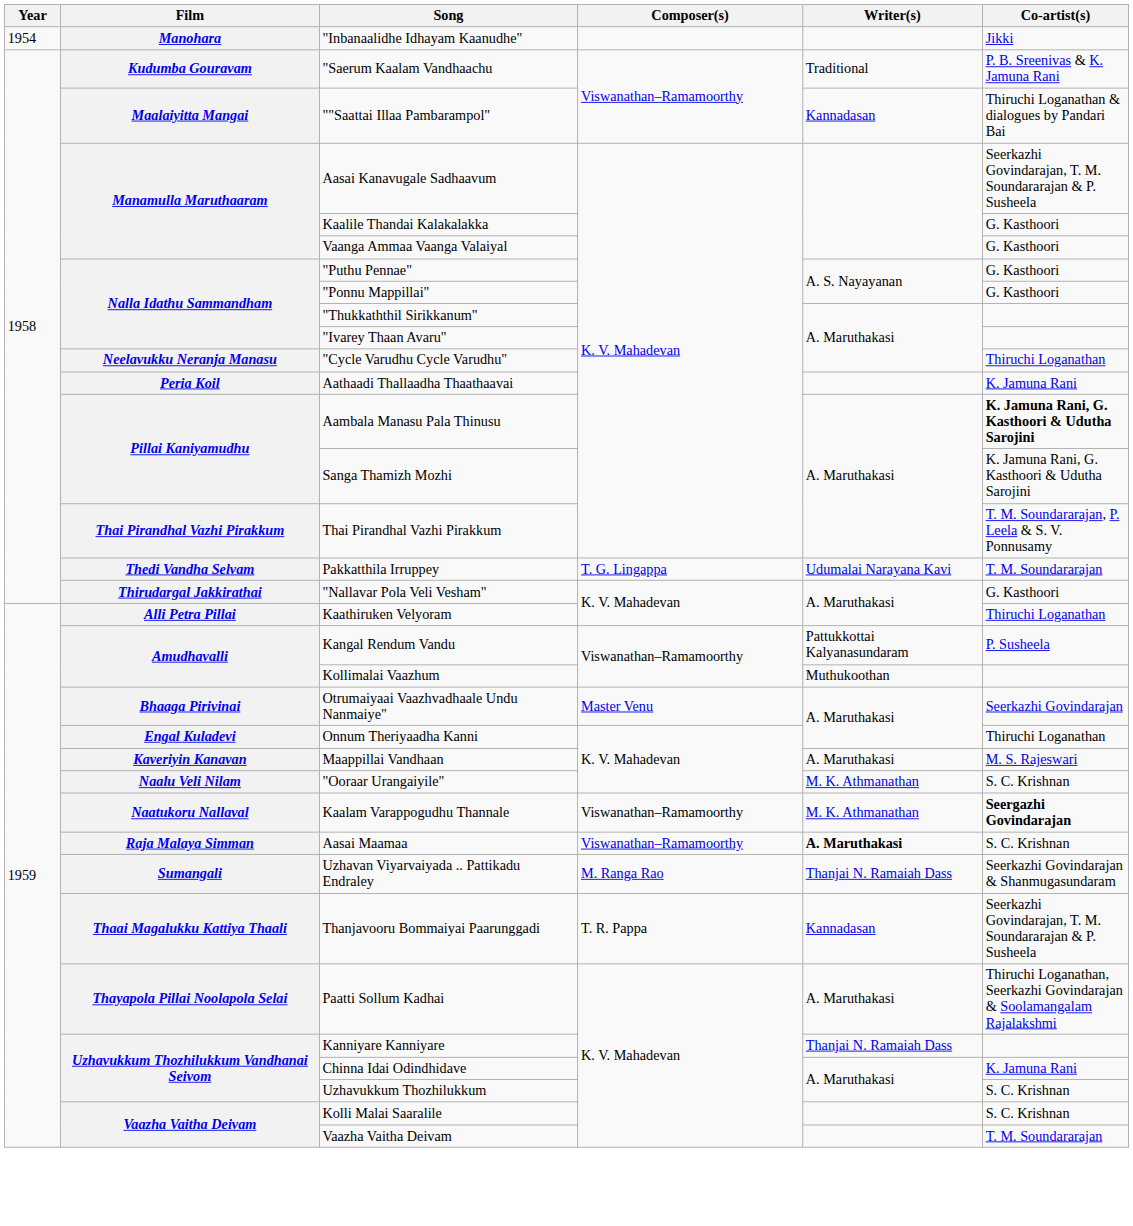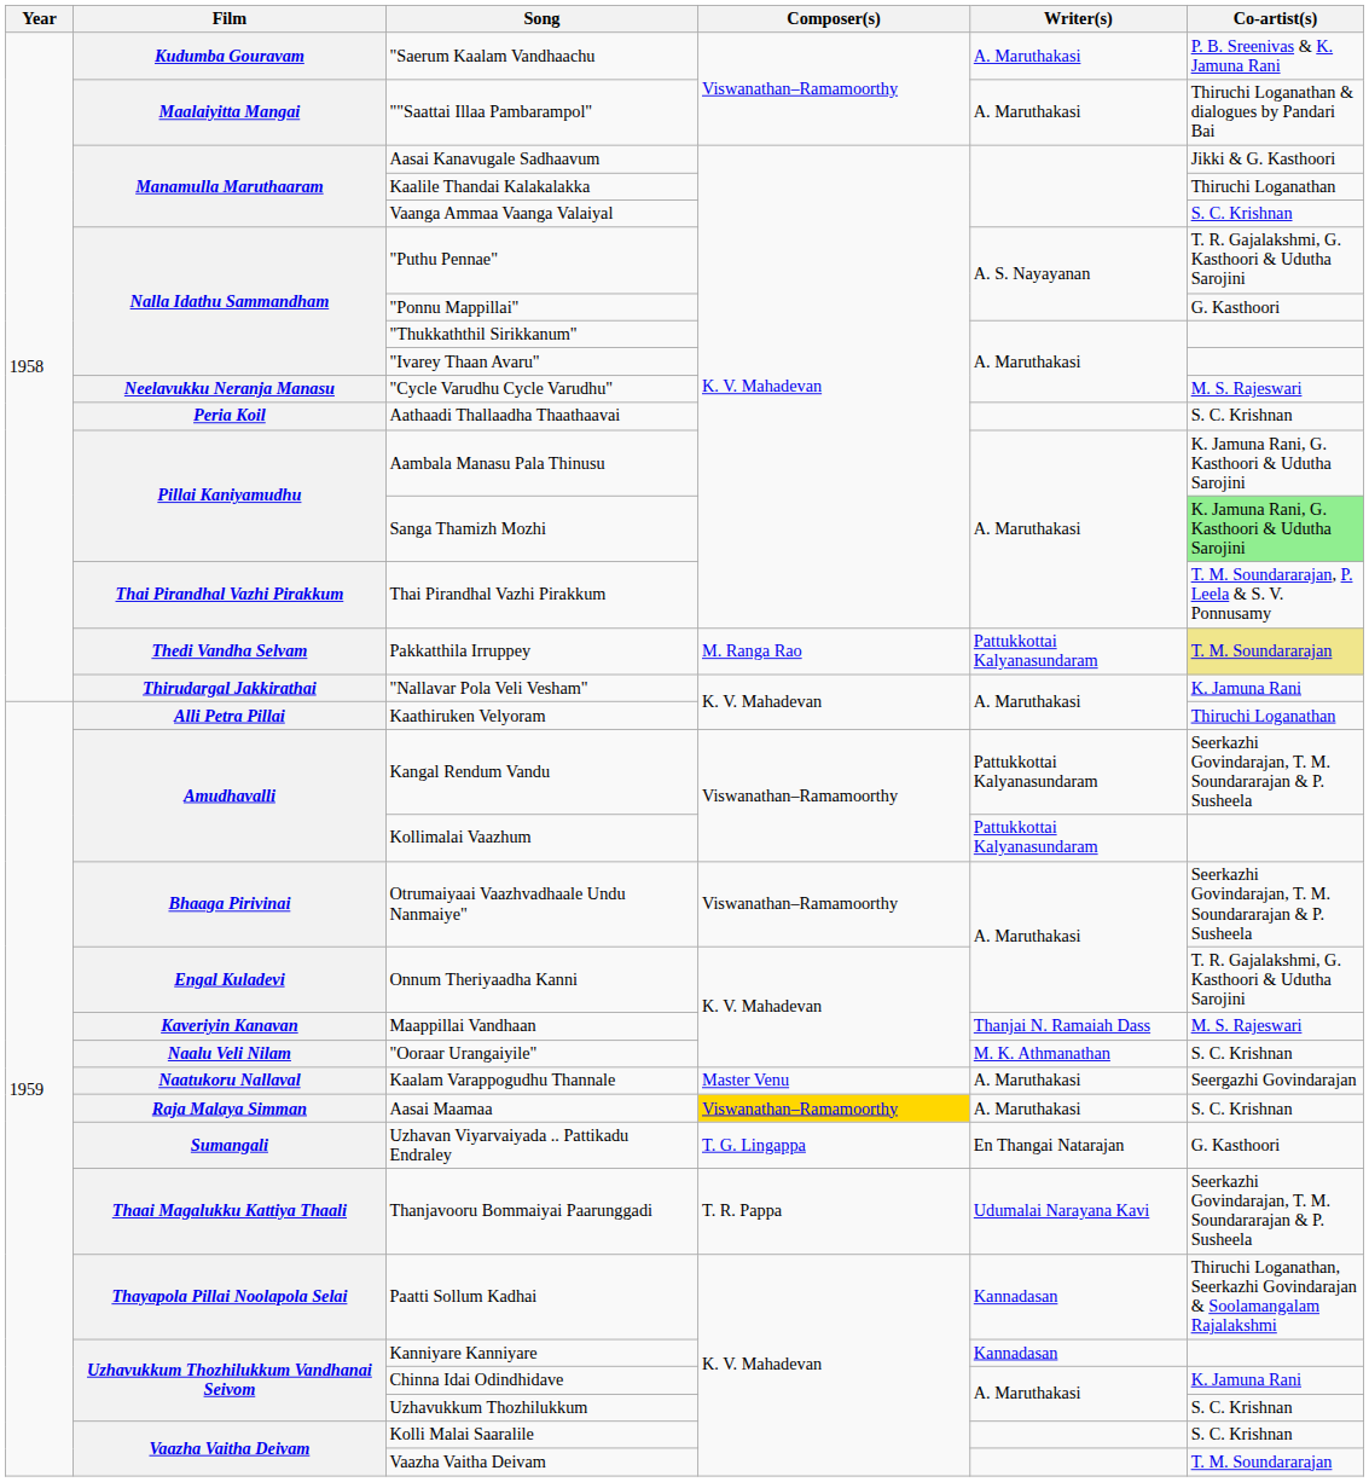 <table class="wikitable plainrowheaders" width="100%" textcolor:#000;">
 <tr style="background:#b0e0e66;">
 <th scope="col" width=5%><strong>Year</strong></th>
 <th scope="col" width=23%><strong>Film</strong></th>
 <th scope="col" width=23%><strong>Song</strong></th>
 <th scope="col" width=20%><strong>Composer(s)</strong></th>
 <th scope="col" width=16%><strong>Writer(s)</strong></th>
 <th scope="col" width=18%><strong>Co-artist(s)</strong></th>
 </tr>
 <tr>
-<td>1954</td>
-<th><em><a href='#'>Manohara</a></em></th>
-<td>"Inbanaalidhe Idhayam Kaanudhe"</td>
-<td></td>
-<td></td>
-<td><a href='#'>Jikki</a></td>
-</tr>
-<tr>
 <td rowspan="16">1958</td>
 <th><em><a href='#'>Kudumba Gouravam</a></em></th>
 <td>"Saerum Kaalam Vandhaachu</td>
 <td rowspan="2"><a href='#'>Viswanathan–Ramamoorthy</a></td>
-<td>Traditional</td>
+<td><a href='#'>A. Maruthakasi</a></td>
 <td><a href='#'>P. B. Sreenivas</a> & <a href='#'>K. Jamuna Rani</a></td>
 </tr>
 <tr>
 <th><em><a href='#'>Maalaiyitta Mangai</a></em></th>
 <td>""Saattai Illaa Pambarampol"</td>
-<td><a href='#'>Kannadasan</a></td>
+<td>A. Maruthakasi</td>
 <td>Thiruchi Loganathan & dialogues by Pandari Bai</td>
 </tr>
 <tr>
 <th rowspan="3"><em><a href='#'>Manamulla Maruthaaram</a></em></th>
 <td>Aasai Kanavugale Sadhaavum</td>
 <td rowspan="12"><a href='#'>K. V. Mahadevan</a></td>
 <td rowspan="3"></td>
-<td>Seerkazhi Govindarajan, T. M. Soundararajan & P. Susheela</td>
+<td>Jikki & G. Kasthoori</td>
 </tr>
 <tr>
 <td>Kaalile Thandai Kalakalakka</td>
-<td>G. Kasthoori</td>
+<td>Thiruchi Loganathan</td>
 </tr>
 <tr>
 <td>Vaanga Ammaa Vaanga Valaiyal</td>
-<td>G. Kasthoori</td>
+<td><a href='#'>S. C. Krishnan</a></td>
 </tr>
 <tr>
 <th rowspan="4"><em><a href='#'>Nalla Idathu Sammandham</a></em></th>
 <td>"Puthu Pennae"</td>
 <td rowspan="2">A. S. Nayayanan</td>
-<td>G. Kasthoori</td>
+<td>T. R. Gajalakshmi, G. Kasthoori & Udutha Sarojini</td>
 </tr>
 <tr>
 <td>"Ponnu Mappillai"</td>
 <td>G. Kasthoori</td>
 </tr>
 <tr>
 <td>"Thukkaththil Sirikkanum"</td>
 <td rowspan="3">A. Maruthakasi</td>
 <td></td>
 </tr>
 <tr>
 <td>"Ivarey Thaan Avaru"</td>
 <td></td>
 </tr>
 <tr>
 <th><em><a href='#'>Neelavukku Neranja Manasu</a></em></th>
 <td>"Cycle Varudhu Cycle Varudhu"</td>
-<td><a href='#'>Thiruchi Loganathan</a></td>
+<td><a href='#'>M. S. Rajeswari</a></td>
 </tr>
 <tr>
 <th><em><a href='#'>Peria Koil</a></em></th>
 <td>Aathaadi Thallaadha Thaathaavai</td>
 <td></td>
-<td><a href='#'>K. Jamuna Rani</a></td>
+<td>S. C. Krishnan</td>
 </tr>
 <tr>
 <th rowspan="2"><em><a href='#'>Pillai Kaniyamudhu</a></em></th>
 <td>Aambala Manasu Pala Thinusu</td>
 <td rowspan="3">A. Maruthakasi</td>
-<td><strong>K. Jamuna Rani, G. Kasthoori & Udutha Sarojini</strong></td>
+<td>K. Jamuna Rani, G. Kasthoori & Udutha Sarojini</td>
 </tr>
 <tr>
 <td>Sanga Thamizh Mozhi</td>
-<td>K. Jamuna Rani, G. Kasthoori & Udutha Sarojini</td>
+<td style="background: lightgreen;">K. Jamuna Rani, G. Kasthoori & Udutha Sarojini</td>
 </tr>
 <tr>
 <th><em><a href='#'>Thai Pirandhal Vazhi Pirakkum</a></em></th>
 <td>Thai Pirandhal Vazhi Pirakkum</td>
 <td><a href='#'>T. M. Soundararajan</a>, <a href='#'>P. Leela</a> & S. V. Ponnusamy</td>
 </tr>
 <tr>
 <th><em><a href='#'>Thedi Vandha Selvam</a></em></th>
 <td>Pakkatthila Irruppey</td>
-<td><a href='#'>T. G. Lingappa</a></td>
-<td><a href='#'>Udumalai Narayana Kavi</a></td>
-<td><a href='#'>T. M. Soundararajan</a></td>
+<td><a href='#'>M. Ranga Rao</a></td>
+<td><a href='#'>Pattukkottai Kalyanasundaram</a></td>
+<td style="background: khaki;"><a href='#'>T. M. Soundararajan</a></td>
 </tr>
 <tr>
 <th><em><a href='#'>Thirudargal Jakkirathai</a></em></th>
 <td>"Nallavar Pola Veli Vesham"</td>
 <td rowspan=2>K. V. Mahadevan</td>
 <td rowspan=2>A. Maruthakasi</td>
-<td>G. Kasthoori</td>
+<td><a href='#'>K. Jamuna Rani</a></td>
 </tr>
 <tr>
 <td rowspan="17">1959</td>
 <th><em><a href='#'>Alli Petra Pillai</a></em></th>
 <td>Kaathiruken Velyoram</td>
 <td><a href='#'>Thiruchi Loganathan</a></td>
 </tr>
 <tr>
 <th rowspan="2"><em><a href='#'>Amudhavalli</a></em></th>
 <td>Kangal Rendum Vandu</td>
 <td rowspan="2">Viswanathan–Ramamoorthy</td>
 <td>Pattukkottai Kalyanasundaram</td>
-<td><a href='#'>P. Susheela</a></td>
+<td>Seerkazhi Govindarajan, T. M. Soundararajan & P. Susheela</td>
 </tr>
 <tr>
 <td>Kollimalai Vaazhum</td>
-<td>Muthukoothan</td>
+<td><a href='#'>Pattukkottai Kalyanasundaram</a></td>
 <td></td>
 </tr>
 <tr>
 <th><em><a href='#'>Bhaaga Pirivinai</a></em></th>
 <td>Otrumaiyaai Vaazhvadhaale Undu Nanmaiye"</td>
-<td><a href='#'>Master Venu</a></td>
+<td>Viswanathan–Ramamoorthy</td>
 <td rowspan=2>A. Maruthakasi</td>
-<td><a href='#'>Seerkazhi Govindarajan</a></td>
+<td>Seerkazhi Govindarajan, T. M. Soundararajan & P. Susheela</td>
 </tr>
 <tr>
 <th><em><a href='#'>Engal Kuladevi</a></em></th>
 <td>Onnum Theriyaadha Kanni</td>
 <td rowspan=3>K. V. Mahadevan</td>
-<td>Thiruchi Loganathan</td>
+<td>T. R. Gajalakshmi, G. Kasthoori & Udutha Sarojini</td>
 </tr>
 <tr>
 <th><em><a href='#'>Kaveriyin Kanavan</a></em></th>
 <td>Maappillai Vandhaan</td>
-<td>A. Maruthakasi</td>
+<td><a href='#'>Thanjai N. Ramaiah Dass</a></td>
 <td><a href='#'>M. S. Rajeswari</a></td>
 </tr>
 <tr>
 <th><em><a href='#'>Naalu Veli Nilam</a></em></th>
 <td>"Ooraar Urangaiyile"</td>
 <td><a href='#'>M. K. Athmanathan</a></td>
 <td>S. C. Krishnan</td>
 </tr>
 <tr>
 <th><em><a href='#'>Naatukoru Nallaval</a></em></th>
 <td>Kaalam Varappogudhu Thannale</td>
-<td>Viswanathan–Ramamoorthy</td>
-<td><a href='#'>M. K. Athmanathan</a></td>
-<td><strong>Seergazhi Govindarajan</strong></td>
+<td><a href='#'>Master Venu</a></td>
+<td>A. Maruthakasi</td>
+<td>Seergazhi Govindarajan</td>
 </tr>
 <tr>
 <th><em><a href='#'>Raja Malaya Simman</a></em></th>
 <td>Aasai Maamaa</td>
-<td><a href='#'>Viswanathan–Ramamoorthy</a></td>
-<td><strong>A. Maruthakasi</strong></td>
+<td style="background: gold;"><a href='#'>Viswanathan–Ramamoorthy</a></td>
+<td>A. Maruthakasi</td>
 <td>S. C. Krishnan</td>
 </tr>
 <tr>
 <th><em><a href='#'>Sumangali</a></em></th>
 <td>Uzhavan Viyarvaiyada .. Pattikadu Endraley</td>
-<td><a href='#'>M. Ranga Rao</a></td>
-<td><a href='#'>Thanjai N. Ramaiah Dass</a></td>
-<td>Seerkazhi Govindarajan & Shanmugasundaram</td>
+<td><a href='#'>T. G. Lingappa</a></td>
+<td>En Thangai Natarajan</td>
+<td>G. Kasthoori</td>
 </tr>
 <tr>
 <th><em><a href='#'>Thaai Magalukku Kattiya Thaali</a></em></th>
 <td>Thanjavooru Bommaiyai Paarunggadi</td>
 <td>T. R. Pappa</td>
-<td><a href='#'>Kannadasan</a></td>
+<td><a href='#'>Udumalai Narayana Kavi</a></td>
 <td>Seerkazhi Govindarajan, T. M. Soundararajan & P. Susheela</td>
 </tr>
 <tr>
 <th><em><a href='#'>Thayapola Pillai Noolapola Selai</a></em></th>
 <td>Paatti Sollum Kadhai</td>
 <td rowspan=6>K. V. Mahadevan</td>
-<td>A. Maruthakasi</td>
+<td><a href='#'>Kannadasan</a></td>
 <td>Thiruchi Loganathan, Seerkazhi Govindarajan & <a href='#'>Soolamangalam Rajalakshmi</a></td>
 </tr>
 <tr>
 <th rowspan="3"><em><a href='#'>Uzhavukkum Thozhilukkum Vandhanai Seivom</a></em></th>
 <td>Kanniyare Kanniyare</td>
-<td><a href='#'>Thanjai N. Ramaiah Dass</a></td>
+<td><a href='#'>Kannadasan</a></td>
 <td></td>
 </tr>
 <tr>
 <td>Chinna Idai Odindhidave</td>
 <td rowspan=2>A. Maruthakasi</td>
 <td><a href='#'>K. Jamuna Rani</a></td>
 </tr>
 <tr>
 <td>Uzhavukkum Thozhilukkum</td>
 <td>S. C. Krishnan</td>
 </tr>
 <tr>
 <th rowspan="2"><em><a href='#'>Vaazha Vaitha Deivam</a></em></th>
 <td>Kolli Malai Saaralile</td>
 <td></td>
 <td>S. C. Krishnan</td>
 </tr>
 <tr>
 <td>Vaazha Vaitha Deivam</td>
 <td></td>
 <td><a href='#'>T. M. Soundararajan</a></td>
 </tr>
 </table>
